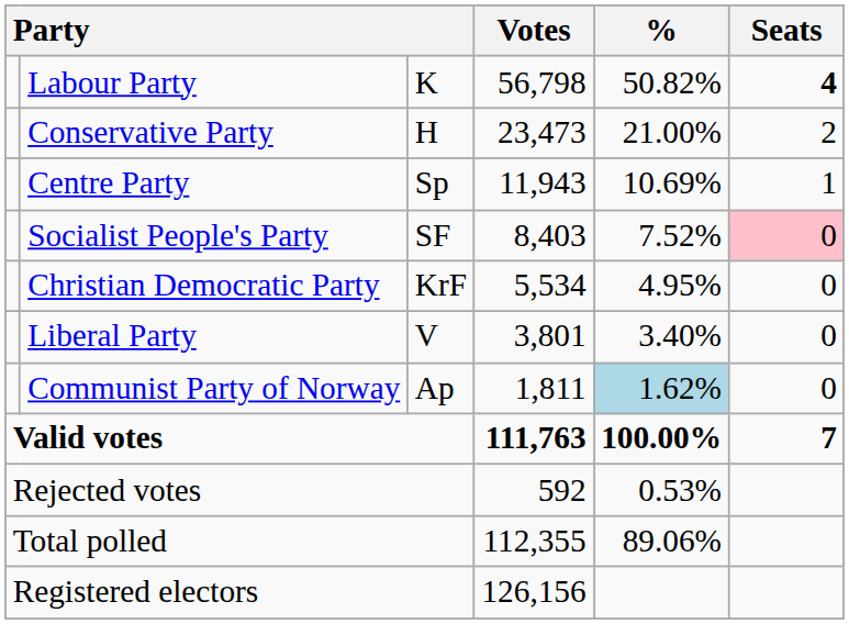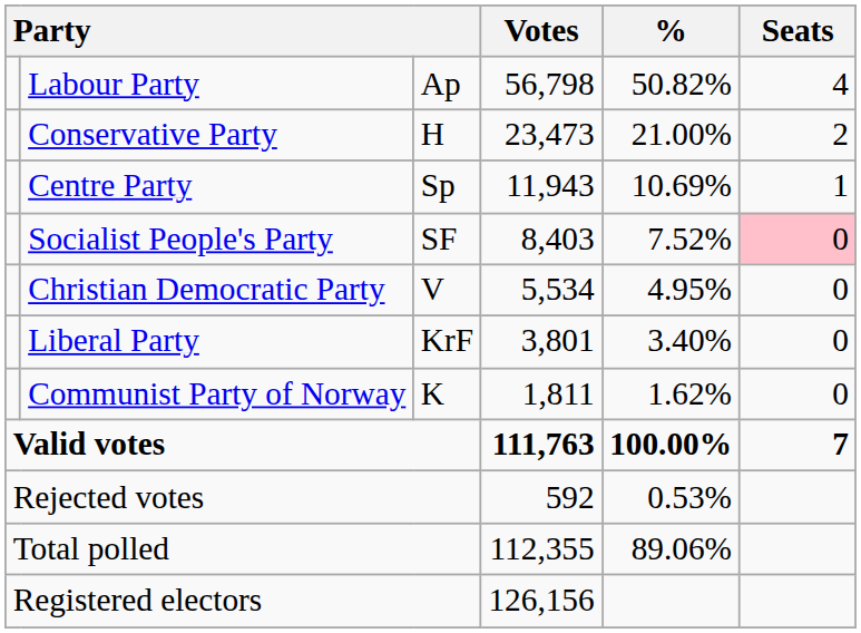 <table class="wikitable" border="1" style="text-align:right;">
 <tr>
 <th style="text-align:left;" colspan=3>Party</th>
 <th align=center width="50">Votes</th>
 <th align=center width="50">%</th>
 <th align=center width="50">Seats</th>
 </tr>
 <tr>
 <td style="color:inherit;background:"></td>
 <td align=left><a href='#'>Labour Party</a></td>
-<td align=left>K</td>
+<td align=left>Ap</td>
 <td>56,798</td>
 <td>50.82%</td>
-<td><strong>4</strong></td>
+<td>4</td>
 </tr>
 <tr>
 <td style="color:inherit;background:"></td>
 <td align=left><a href='#'>Conservative Party</a></td>
 <td align=left>H</td>
 <td>23,473</td>
 <td>21.00%</td>
 <td>2</td>
 </tr>
 <tr>
 <td style="color:inherit;background:"></td>
 <td align=left><a href='#'>Centre Party</a></td>
 <td align=left>Sp</td>
 <td>11,943</td>
 <td>10.69%</td>
 <td>1</td>
 </tr>
 <tr>
 <td style="color:inherit;background:"></td>
 <td align=left><a href='#'>Socialist People's Party</a></td>
 <td align=left>SF</td>
 <td>8,403</td>
 <td>7.52%</td>
 <td style="background: pink;">0</td>
 </tr>
 <tr>
 <td style="color:inherit;background:"></td>
 <td align=left><a href='#'>Christian Democratic Party</a></td>
-<td align=left>KrF</td>
+<td align=left>V</td>
 <td>5,534</td>
 <td>4.95%</td>
 <td>0</td>
 </tr>
 <tr>
 <td style="color:inherit;background:"></td>
 <td align=left><a href='#'>Liberal Party</a></td>
-<td align=left>V</td>
+<td align=left>KrF</td>
 <td>3,801</td>
 <td>3.40%</td>
 <td>0</td>
 </tr>
 <tr>
 <td style="color:inherit;background:"></td>
 <td align=left><a href='#'>Communist Party of Norway</a></td>
-<td align=left>Ap</td>
+<td align=left>K</td>
 <td>1,811</td>
-<td style="background: lightblue;">1.62%</td>
+<td>1.62%</td>
 <td>0</td>
 </tr>
 <tr style="font-weight:bold">
 <td align=left colspan=3>Valid votes</td>
 <td>111,763</td>
 <td>100.00%</td>
 <td>7</td>
 </tr>
 <tr>
 <td align=left colspan=3>Rejected votes</td>
 <td>592</td>
 <td>0.53%</td>
 <td></td>
 </tr>
 <tr>
 <td align=left colspan=3>Total polled</td>
 <td>112,355</td>
 <td>89.06%</td>
 <td></td>
 </tr>
 <tr>
 <td align=left colspan=3>Registered electors</td>
 <td>126,156</td>
 <td></td>
 <td></td>
 </tr>
 </table>
